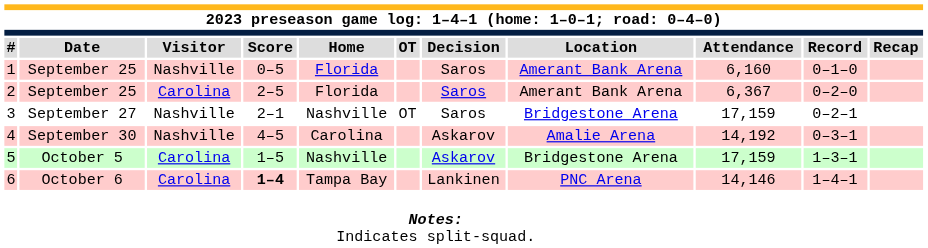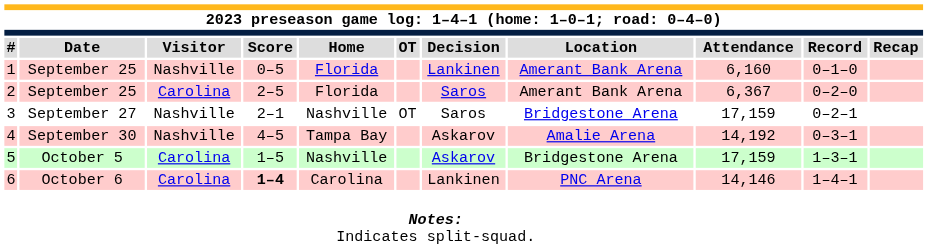 <table class="toccolours collapsible collapsed" style="width:90%; clear:both; margin:1.5em auto; text-align:center;">
 <tr>
 <th colspan="11" style="background:#FFFFFF;border-top:#FFB81C 5px solid; border-bottom:#041E42 5px solid;">2023 preseason game log: 1–4–1 (home: 1–0–1; road: 0–4–0)</th>
 </tr>
 <tr style="background:#ddd;">
 <th>#</th>
 <th>Date</th>
 <th>Visitor</th>
 <th>Score</th>
 <th>Home</th>
 <th>OT</th>
 <th>Decision</th>
 <th>Location</th>
 <th>Attendance</th>
 <th>Record</th>
 <th>Recap</th>
 </tr>
 <tr style="background:#fcc;">
 <td>1</td>
 <td>September 25</td>
 <td>Nashville</td>
 <td>0–5</td>
 <td><a href='#'>Florida</a></td>
 <td></td>
-<td>Saros</td>
+<td><a href='#'>Lankinen</a></td>
 <td><a href='#'>Amerant Bank Arena</a></td>
 <td>6,160</td>
 <td>0–1–0</td>
 <td></td>
 </tr>
 <tr style="background:#fcc;">
 <td>2</td>
 <td>September 25</td>
 <td><a href='#'>Carolina</a></td>
 <td>2–5</td>
 <td>Florida</td>
 <td></td>
 <td><a href='#'>Saros</a></td>
 <td>Amerant Bank Arena</td>
 <td>6,367</td>
 <td>0–2–0</td>
 <td></td>
 </tr>
 <tr style="background:#fff;">
 <td>3</td>
 <td>September 27</td>
 <td>Nashville</td>
 <td>2–1</td>
 <td>Nashville</td>
 <td>OT</td>
 <td>Saros</td>
 <td><a href='#'>Bridgestone Arena</a></td>
 <td>17,159</td>
 <td>0–2–1</td>
 <td></td>
 </tr>
 <tr style="background:#fcc;">
 <td>4</td>
 <td>September 30</td>
 <td>Nashville</td>
 <td>4–5</td>
-<td>Carolina</td>
+<td>Tampa Bay</td>
 <td></td>
 <td>Askarov</td>
 <td><a href='#'>Amalie Arena</a></td>
 <td>14,192</td>
 <td>0–3–1</td>
 <td></td>
 </tr>
 <tr style="background:#cfc;">
 <td>5</td>
 <td>October 5</td>
 <td><a href='#'>Carolina</a></td>
 <td>1–5</td>
 <td>Nashville</td>
 <td></td>
 <td><a href='#'>Askarov</a></td>
 <td>Bridgestone Arena</td>
 <td>17,159</td>
 <td>1–3–1</td>
 <td></td>
 </tr>
 <tr style="background:#fcc;">
 <td>6</td>
 <td>October 6</td>
 <td><a href='#'>Carolina</a></td>
 <td><strong>1–4</strong></td>
-<td>Tampa Bay</td>
+<td>Carolina</td>
 <td></td>
 <td>Lankinen</td>
 <td><a href='#'>PNC Arena</a></td>
 <td>14,146</td>
 <td>1–4–1</td>
 <td></td>
 </tr>
 <tr>
 <td colspan="10" style="text-align:center;"><br><strong><em>Notes:</em></strong><br>  Indicates split-squad.</td>
 </tr>
 </table>
